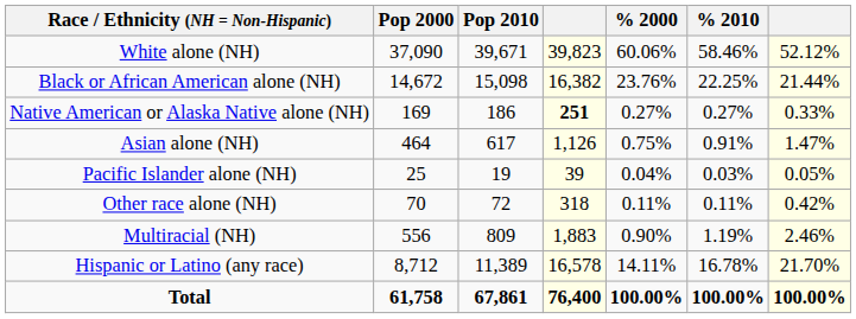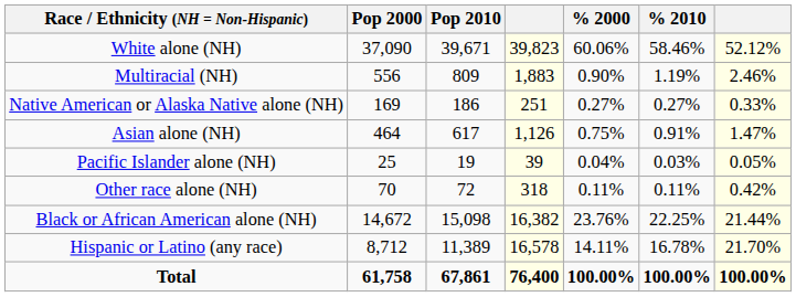 <table class="wikitable" style="text-align:center;">
 <tr>
 <th>Race / Ethnicity <small>(<em>NH = Non-Hispanic</em>)</small></th>
 <th>Pop 2000</th>
 <th>Pop 2010</th>
 <th></th>
 <th>% 2000</th>
 <th>% 2010</th>
 <th></th>
 </tr>
 <tr>
 <td><a href='#'>White</a> alone (NH)</td>
 <td>37,090</td>
 <td>39,671</td>
 <td style='background: #ffffe6;'>39,823</td>
 <td>60.06%</td>
 <td>58.46%</td>
 <td style='background: #ffffe6;'>52.12%</td>
 </tr>
 <tr>
-<td><a href='#'>Black or African American</a> alone (NH)</td>
-<td>14,672</td>
-<td>15,098</td>
-<td style='background: #ffffe6;'>16,382</td>
-<td>23.76%</td>
-<td>22.25%</td>
-<td style='background: #ffffe6;'>21.44%</td>
+<td><a href='#'>Multiracial</a> (NH)</td>
+<td>556</td>
+<td>809</td>
+<td style='background: #ffffe6;'>1,883</td>
+<td>0.90%</td>
+<td>1.19%</td>
+<td style='background: #ffffe6;'>2.46%</td>
 </tr>
 <tr>
 <td><a href='#'>Native American</a> or <a href='#'>Alaska Native</a> alone (NH)</td>
 <td>169</td>
 <td>186</td>
-<td style='background: #ffffe6;'><strong>251</strong></td>
+<td style='background: #ffffe6;'>251</td>
 <td>0.27%</td>
 <td>0.27%</td>
 <td style='background: #ffffe6;'>0.33%</td>
 </tr>
 <tr>
 <td><a href='#'>Asian</a> alone (NH)</td>
 <td>464</td>
 <td>617</td>
 <td style='background: #ffffe6;'>1,126</td>
 <td>0.75%</td>
 <td>0.91%</td>
 <td style='background: #ffffe6;'>1.47%</td>
 </tr>
 <tr>
 <td><a href='#'>Pacific Islander</a> alone (NH)</td>
 <td>25</td>
 <td>19</td>
 <td style='background: #ffffe6;'>39</td>
 <td>0.04%</td>
 <td>0.03%</td>
 <td style='background: #ffffe6;'>0.05%</td>
 </tr>
 <tr>
 <td><a href='#'>Other race</a> alone (NH)</td>
 <td>70</td>
 <td>72</td>
 <td style='background: #ffffe6;'>318</td>
 <td>0.11%</td>
 <td>0.11%</td>
 <td style='background: #ffffe6;'>0.42%</td>
 </tr>
 <tr>
-<td><a href='#'>Multiracial</a> (NH)</td>
-<td>556</td>
-<td>809</td>
-<td style='background: #ffffe6;'>1,883</td>
-<td>0.90%</td>
-<td>1.19%</td>
-<td style='background: #ffffe6;'>2.46%</td>
+<td><a href='#'>Black or African American</a> alone (NH)</td>
+<td>14,672</td>
+<td>15,098</td>
+<td style='background: #ffffe6;'>16,382</td>
+<td>23.76%</td>
+<td>22.25%</td>
+<td style='background: #ffffe6;'>21.44%</td>
 </tr>
 <tr>
 <td><a href='#'>Hispanic or Latino</a> (any race)</td>
 <td>8,712</td>
 <td>11,389</td>
 <td style='background: #ffffe6;'>16,578</td>
 <td>14.11%</td>
 <td>16.78%</td>
 <td style='background: #ffffe6;'>21.70%</td>
 </tr>
 <tr>
 <td><strong>Total</strong></td>
 <td><strong>61,758</strong></td>
 <td><strong>67,861</strong></td>
 <td style='background: #ffffe6;'><strong>76,400</strong></td>
 <td><strong>100.00%</strong></td>
 <td><strong>100.00%</strong></td>
 <td style='background: #ffffe6;'><strong>100.00%</strong></td>
 </tr>
 </table>
